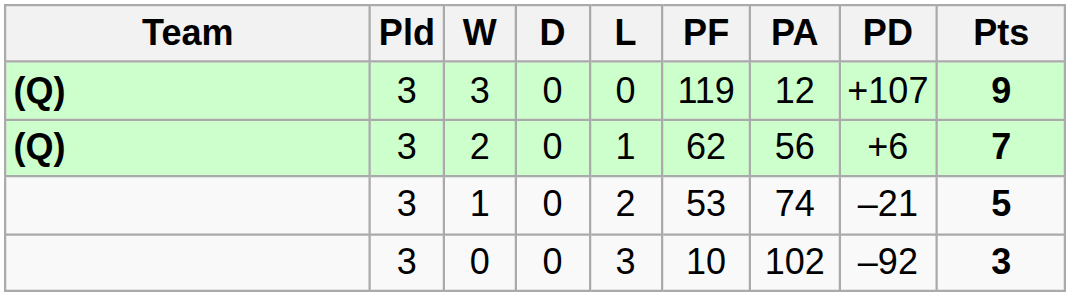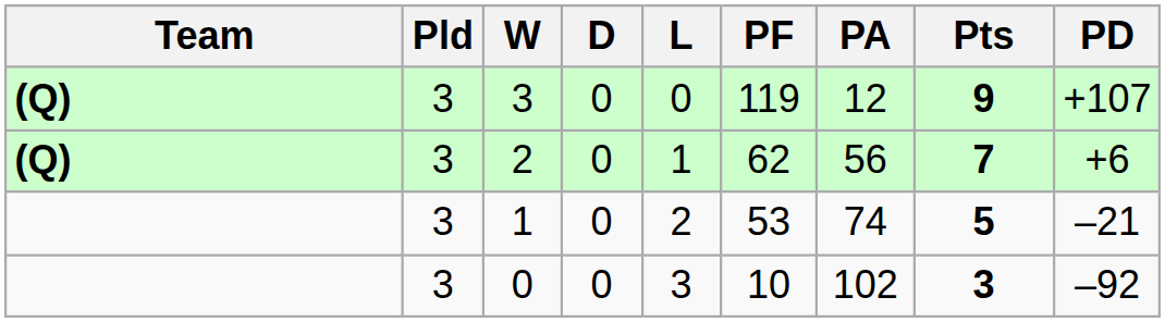 <table class="wikitable" style="text-align:center;">
 <tr>
 <th width="155">Team</th>
 <th width="25">Pld</th>
 <th width="25">W</th>
 <th width="25">D</th>
 <th width="25">L</th>
 <th width="32">PF</th>
 <th width="32">PA</th>
+<th width="50">Pts</th>
 <th width="32">PD</th>
-<th width="50">Pts</th>
 </tr>
 <tr style="background:#ccffcc">
 <td align="left"> <strong>(Q)</strong></td>
 <td>3</td>
 <td>3</td>
 <td>0</td>
 <td>0</td>
 <td>119</td>
 <td>12</td>
+<td><strong>9</strong></td>
 <td>+107</td>
-<td><strong>9</strong></td>
 </tr>
 <tr style="background:#ccffcc">
 <td align="left"> <strong>(Q)</strong></td>
 <td>3</td>
 <td>2</td>
 <td>0</td>
 <td>1</td>
 <td>62</td>
 <td>56</td>
+<td><strong>7</strong></td>
 <td>+6</td>
-<td><strong>7</strong></td>
 </tr>
 <tr>
 <td align="left"></td>
 <td>3</td>
 <td>1</td>
 <td>0</td>
 <td>2</td>
 <td>53</td>
 <td>74</td>
+<td><strong>5</strong></td>
 <td>–21</td>
-<td><strong>5</strong></td>
 </tr>
 <tr>
 <td align="left"></td>
 <td>3</td>
 <td>0</td>
 <td>0</td>
 <td>3</td>
 <td>10</td>
 <td>102</td>
+<td><strong>3</strong></td>
 <td>–92</td>
-<td><strong>3</strong></td>
 </tr>
 </table>
